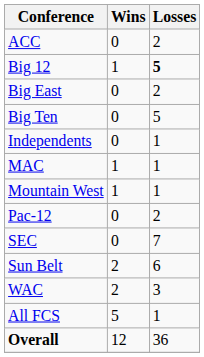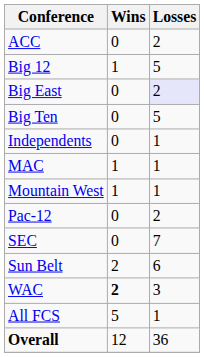 <table class="wikitable">
 <tr>
 <th>Conference</th>
 <th>Wins</th>
 <th>Losses</th>
 </tr>
 <tr>
 <td><a href='#'>ACC</a></td>
 <td>0</td>
 <td>2</td>
 </tr>
 <tr>
 <td><a href='#'>Big 12</a></td>
 <td>1</td>
-<td><strong>5</strong></td>
+<td>5</td>
 </tr>
 <tr>
 <td><a href='#'>Big East</a></td>
 <td>0</td>
-<td>2</td>
+<td style="background: lavender;">2</td>
 </tr>
 <tr>
 <td><a href='#'>Big Ten</a></td>
 <td>0</td>
 <td>5</td>
 </tr>
 <tr>
 <td><a href='#'>Independents</a></td>
 <td>0</td>
 <td>1</td>
 </tr>
 <tr>
 <td><a href='#'>MAC</a></td>
 <td>1</td>
 <td>1</td>
 </tr>
 <tr>
 <td><a href='#'>Mountain West</a></td>
 <td>1</td>
 <td>1</td>
 </tr>
 <tr>
 <td><a href='#'>Pac-12</a></td>
 <td>0</td>
 <td>2</td>
 </tr>
 <tr>
 <td><a href='#'>SEC</a></td>
 <td>0</td>
 <td>7</td>
 </tr>
 <tr>
 <td><a href='#'>Sun Belt</a></td>
 <td>2</td>
 <td>6</td>
 </tr>
 <tr>
 <td><a href='#'>WAC</a></td>
-<td>2</td>
+<td><strong>2</strong></td>
 <td>3</td>
 </tr>
 <tr>
 <td><a href='#'>All FCS</a></td>
 <td>5</td>
 <td>1</td>
 </tr>
 <tr>
 <td><strong>Overall</strong></td>
 <td>12</td>
 <td>36</td>
 </tr>
 <tr>
 </tr>
 </table>
